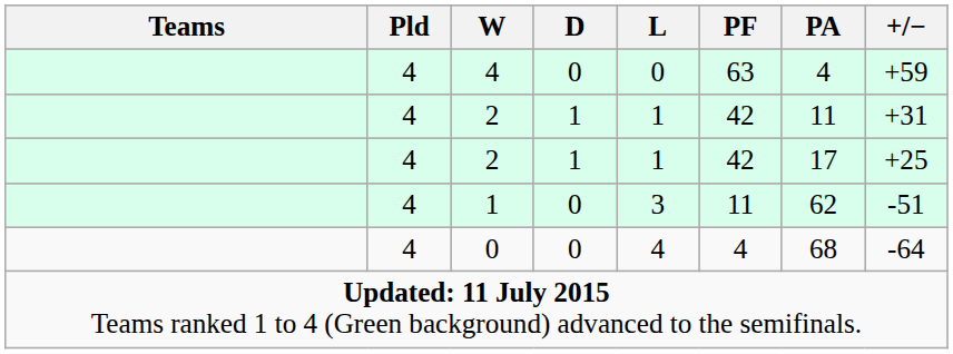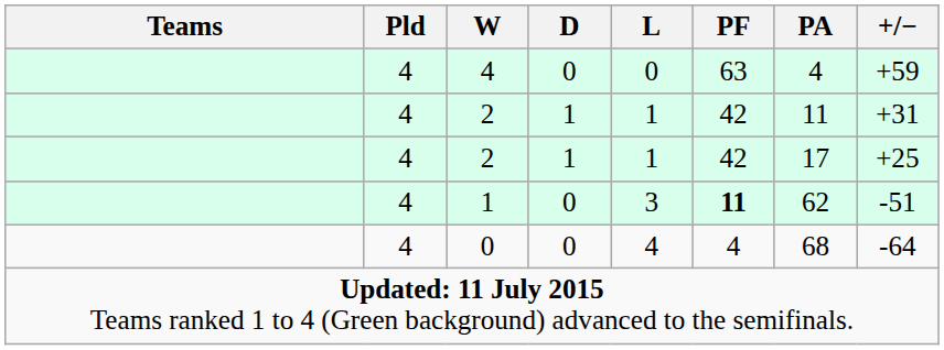 <table class="wikitable" style="text-align: center;">
 <tr>
 <th width="200">Teams</th>
 <th width="40">Pld</th>
 <th width="40">W</th>
 <th width="40">D</th>
 <th width="40">L</th>
 <th width="40">PF</th>
 <th width="40">PA</th>
 <th width="40">+/−</th>
 </tr>
 <tr bgcolor="#d8ffeb">
 <td align=left></td>
 <td>4</td>
 <td>4</td>
 <td>0</td>
 <td>0</td>
 <td>63</td>
 <td>4</td>
 <td>+59</td>
 </tr>
 <tr bgcolor="#d8ffeb">
 <td align=left></td>
 <td>4</td>
 <td>2</td>
 <td>1</td>
 <td>1</td>
 <td>42</td>
 <td>11</td>
 <td>+31</td>
 </tr>
 <tr bgcolor="#d8ffeb">
 <td align=left></td>
 <td>4</td>
 <td>2</td>
 <td>1</td>
 <td>1</td>
 <td>42</td>
 <td>17</td>
 <td>+25</td>
 </tr>
 <tr bgcolor="#d8ffeb">
 <td align=left></td>
 <td>4</td>
 <td>1</td>
 <td>0</td>
 <td>3</td>
-<td>11</td>
+<td><strong>11</strong></td>
 <td>62</td>
 <td>-51</td>
 </tr>
 <tr>
 <td align=left></td>
 <td>4</td>
 <td>0</td>
 <td>0</td>
 <td>4</td>
 <td>4</td>
 <td>68</td>
 <td>-64</td>
 </tr>
 <tr bgcolor="#f9f9f9" align=center>
 <td colspan="15" style="border:0px"><strong>Updated: 11 July 2015</strong><br> Teams ranked 1 to 4 <span>(Green background)</span> advanced to the semifinals.</td>
 </tr>
 </table>
